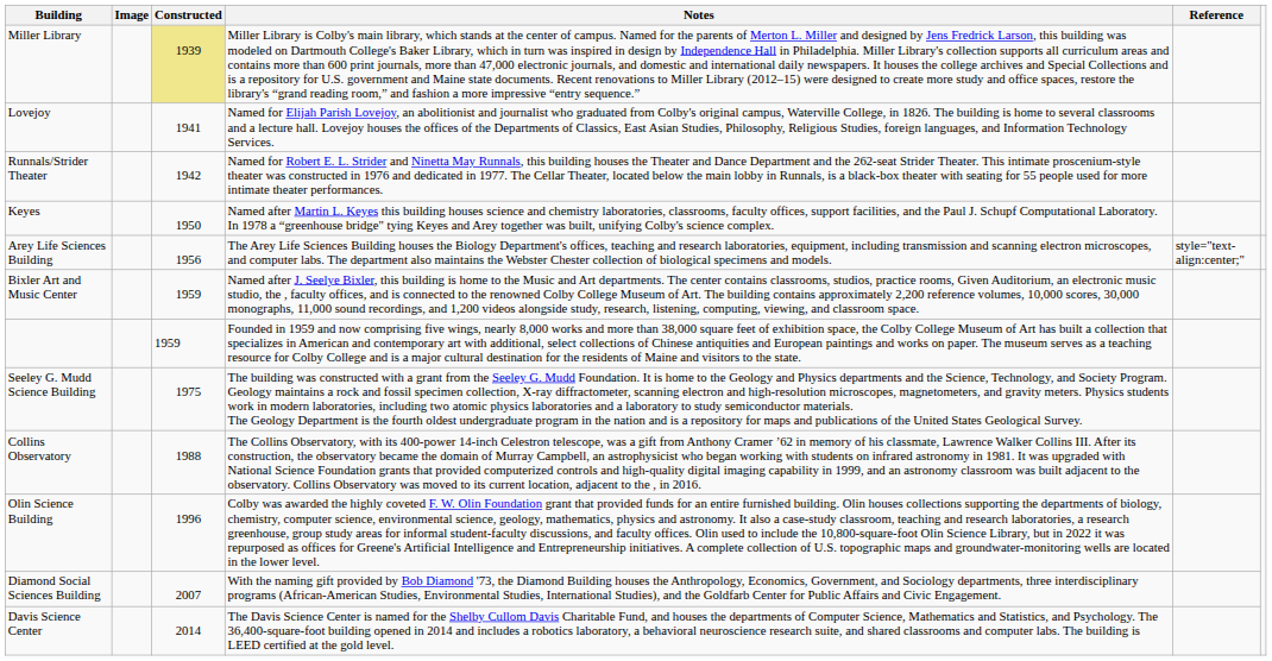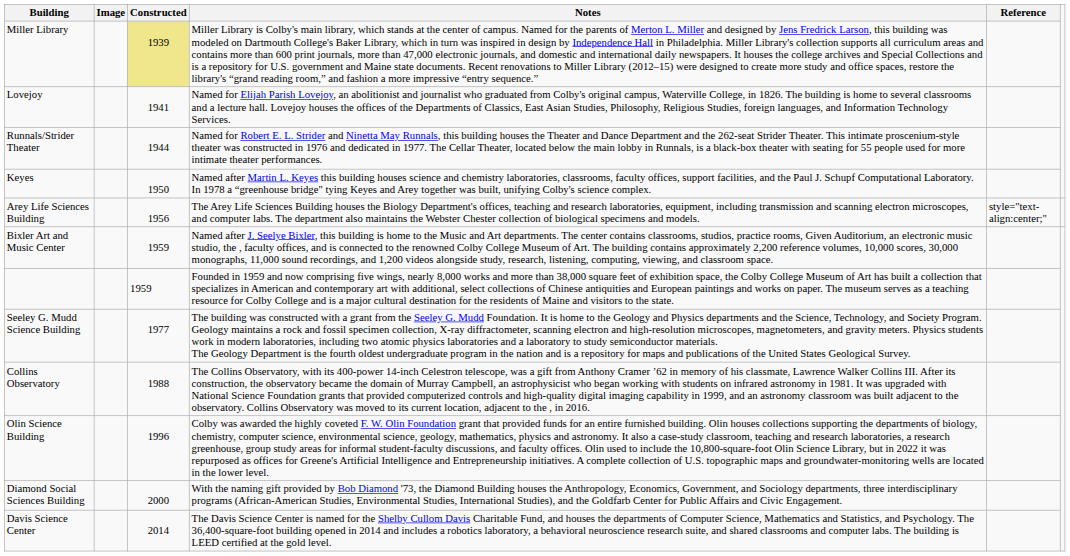 <table class="wikitable sortable" style="width:100%">
 <tr>
 <th style="width:*;">Building</th>
 <th style="width:*;" class="unsortable">Image</th>
 <th style="width:*;">Constructed</th>
 <th style="width:*;" class="unsortable">Notes</th>
 <th wdith="*" class="unsortable">Reference</th>
 </tr>
 <tr valign="top">
 <td>Miller Library</td>
 <td style="text-align:center;"></td>
 <td style="background: khaki; text-align:center;"><br>1939</td>
 <td>Miller Library is Colby's main library, which stands at the center of campus. Named for the parents of <a href='#'>Merton L. Miller</a> and designed by <a href='#'>Jens Fredrick Larson</a>, this building was modeled on Dartmouth College's Baker Library, which in turn was inspired in design by <a href='#'>Independence Hall</a> in Philadelphia. Miller Library's collection supports all curriculum areas and contains more than 600 print journals, more than 47,000 electronic journals, and domestic and international daily newspapers. It houses the college archives and Special Collections and is a repository for U.S. government and Maine state documents. Recent renovations to Miller Library (2012–15) were designed to create more study and office spaces, restore the library's “grand reading room,” and fashion a more impressive “entry sequence.”</td>
 <td style="text-align:center;"></td>
 </tr>
 <tr valign="top">
 <td>Lovejoy</td>
 <td style="text-align:center;"></td>
 <td style="text-align:center;"><br>1941</td>
 <td>Named for <a href='#'>Elijah Parish Lovejoy</a>, an abolitionist and journalist who graduated from Colby's original campus, Waterville College, in 1826. The building is home to several classrooms and a lecture hall. Lovejoy houses the offices of the Departments of Classics, East Asian Studies, Philosophy, Religious Studies, foreign languages, and Information Technology Services.</td>
 <td style="text-align:center;"></td>
 </tr>
 <tr valign="top">
 <td>Runnals/Strider Theater</td>
 <td style="text-align:center;"></td>
-<td style="text-align:center;"><br>1942</td>
+<td style="text-align:center;"><br>1944</td>
 <td>Named for <a href='#'>Robert E. L. Strider</a> and <a href='#'>Ninetta May Runnals</a>, this building houses the Theater and Dance Department and the 262-seat Strider Theater. This intimate proscenium-style theater was constructed in 1976 and dedicated in 1977. The Cellar Theater, located below the main lobby in Runnals, is a black-box theater with seating for 55 people used for more intimate theater performances.</td>
 <td style="text-align:center;"></td>
 </tr>
 <tr valign="top">
 <td>Keyes</td>
 <td style="text-align:center;"></td>
 <td style="text-align:center;"><br>1950</td>
 <td>Named after <a href='#'>Martin L. Keyes</a> this building houses science and chemistry laboratories, classrooms, faculty offices, support facilities, and the Paul J. Schupf Computational Laboratory. In 1978 a “greenhouse bridge" tying Keyes and Arey together was built, unifying Colby's science complex.</td>
 <td style="text-align:center;"></td>
 </tr>
 <tr valign="top">
 <td>Arey Life Sciences Building</td>
 <td style="text-align:center;"></td>
 <td style="text-align:center;"><br>1956</td>
 <td>The Arey Life Sciences Building houses the Biology Department's offices, teaching and research laboratories, equipment, including transmission and scanning electron microscopes, and computer labs. The department also maintains the Webster Chester collection of biological specimens and models.</td>
 <td>style="text-align:center;"</td>
 <td></td>
 </tr>
 <tr valign="top">
 <td>Bixler Art and Music Center</td>
 <td style="text-align:center;"></td>
 <td style="text-align:center;"><br>1959</td>
 <td>Named after <a href='#'>J. Seelye Bixler</a>, this building is home to the Music and Art departments. The center contains classrooms, studios, practice rooms, Given Auditorium, an electronic music studio, the , faculty offices, and is connected to the renowned Colby College Museum of Art. The building contains approximately 2,200 reference volumes, 10,000 scores, 30,000 monographs, 11,000 sound recordings, and 1,200 videos alongside study, research, listening, computing, viewing, and classroom space.</td>
 <td style="text-align:center;"></td>
 </tr>
 <tr>
 <td></td>
 <td></td>
 <td>1959</td>
 <td>Founded in 1959 and now comprising five wings, nearly 8,000 works and more than 38,000 square feet of exhibition space, the Colby College Museum of Art has built a collection that specializes in American and contemporary art with additional, select collections of Chinese antiquities and European paintings and works on paper. The museum serves as a teaching resource for Colby College and is a major cultural destination for the residents of Maine and visitors to the state.</td>
 <td></td>
 </tr>
 <tr valign="top">
 <td>Seeley G. Mudd Science Building</td>
 <td style="text-align:center;"></td>
-<td style="text-align:center;"><br>1975</td>
+<td style="text-align:center;"><br>1977</td>
 <td>The building was constructed with a grant from the <a href='#'>Seeley G. Mudd</a> Foundation. It is home to the Geology and Physics departments and the Science, Technology, and Society Program. Geology maintains a rock and fossil specimen collection, X-ray diffractometer, scanning electron and high-resolution microscopes, magnetometers, and gravity meters. Physics students work in modern laboratories, including two atomic physics laboratories and a laboratory to study semiconductor materials.<br>The Geology Department is the fourth oldest undergraduate program in the nation and is a repository for maps and publications of the United States Geological Survey.</td>
 <td style="text-align:center;"></td>
 </tr>
 <tr valign="top">
 <td>Collins Observatory</td>
 <td style="text-align:center;"></td>
 <td style="text-align:center;"><br>1988</td>
 <td>The Collins Observatory, with its 400-power 14-inch Celestron telescope, was a gift from Anthony Cramer ’62 in memory of his classmate, Lawrence Walker Collins III. After its construction, the observatory became the domain of Murray Campbell, an astrophysicist who began working with students on infrared astronomy in 1981. It was upgraded with National Science Foundation grants that provided computerized controls and high-quality digital imaging capability in 1999, and an astronomy classroom was built adjacent to the observatory. Collins Observatory was moved to its current location, adjacent to the , in 2016.</td>
 <td style="text-align:center;"></td>
 </tr>
 <tr valign="top">
 <td>Olin Science Building</td>
 <td style="text-align:center;"></td>
 <td style="text-align:center;"><br>1996</td>
 <td>Colby was awarded the highly coveted <a href='#'>F. W. Olin Foundation</a> grant that provided funds for an entire furnished building. Olin houses collections supporting the departments of biology, chemistry, computer science, environmental science, geology, mathematics, physics and astronomy. It also a case-study classroom, teaching and research laboratories, a research greenhouse, group study areas for informal student-faculty discussions, and faculty offices. Olin used to include the 10,800-square-foot Olin Science Library, but in 2022 it was repurposed as offices for Greene's Artificial Intelligence and Entrepreneurship initiatives. A complete collection of U.S. topographic maps and groundwater-monitoring wells are located in the lower level.</td>
 <td style="text-align:center;"></td>
 </tr>
 <tr valign="top">
 <td>Diamond Social Sciences Building</td>
 <td style="text-align:center;"></td>
-<td style="text-align:center;"><br>2007</td>
+<td style="text-align:center;"><br>2000</td>
 <td>With the naming gift provided by <a href='#'>Bob Diamond</a> '73, the Diamond Building houses the Anthropology, Economics, Government, and Sociology departments, three interdisciplinary programs (African-American Studies, Environmental Studies, International Studies), and the Goldfarb Center for Public Affairs and Civic Engagement.</td>
 <td style="text-align:center;"></td>
 </tr>
 <tr valign="top">
 <td>Davis Science Center</td>
 <td style="text-align:center;"></td>
 <td style="text-align:center;"><br>2014</td>
 <td>The Davis Science Center is named for the <a href='#'>Shelby Cullom Davis</a> Charitable Fund, and houses the departments of Computer Science, Mathematics and Statistics, and Psychology. The 36,400-square-foot building opened in 2014 and includes a robotics laboratory, a behavioral neuroscience research suite, and shared classrooms and computer labs. The building is LEED certified at the gold level.</td>
 <td style="text-align:center;"></td>
 </tr>
 </table>
